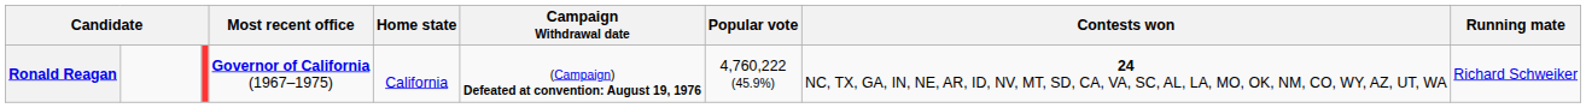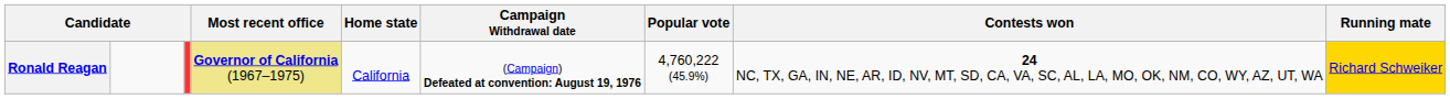 <table class="sortable wikitable" style="text-align:center;">
 <tr>
 <th colspan="3">Candidate</th>
 <th class="unsortable">Most recent office</th>
 <th>Home state</th>
 <th data-sort-type="date">Campaign<br><small>Withdrawal date</small></th>
 <th>Popular vote</th>
 <th>Contests won</th>
 <th>Running mate</th>
 </tr>
 <tr>
 <th scope="row" data-sort-=""><a href='#'>Ronald Reagan</a></th>
 <td style="min-width:80px;"></td>
 <td style="background:#FF3333;"></td>
-<td><strong><a href='#'>Governor of California</a><br></strong>(1967–1975)</td>
+<td style="background: khaki;"><strong><a href='#'>Governor of California</a><br></strong>(1967–1975)</td>
 <td><br><a href='#'>California</a></td>
 <td data-sort-value="0"><br><small>(<a href='#'>Campaign</a>)</small><br><small><strong>Defeated at convention: August 19, 1976</strong></small></td>
 <td data-sort-value="4,760,222">4,760,222<br><small>(45.9%)</small></td>
 <td data-sort-value="24"><strong>24</strong><br>NC, TX, GA, IN, NE, AR, ID, NV, MT, SD, CA, VA, SC, AL, LA, MO, OK, NM, CO, WY, AZ, UT, WA</td>
-<td><a href='#'>Richard Schweiker</a></td>
+<td style="background: gold;"><a href='#'>Richard Schweiker</a></td>
 </tr>
 </table>
